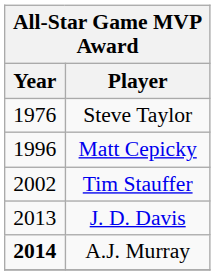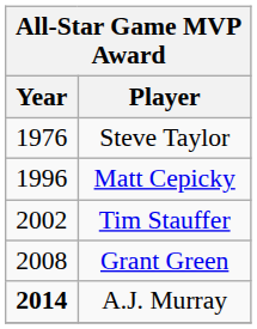 <table class="wikitable" style="display: inline-table; margin-right: 20px; text-align:center">
 <tr>
 <th scope="col" colspan="2" style="width: 145px;">All-Star Game MVP Award</th>
 </tr>
 <tr>
 <th scope="col">Year</th>
 <th scope="col">Player</th>
 </tr>
 <tr>
 <td>1976</td>
 <td>Steve Taylor</td>
 </tr>
 <tr>
 <td>1996</td>
 <td><a href='#'>Matt Cepicky</a></td>
 </tr>
 <tr>
 <td>2002</td>
 <td><a href='#'>Tim Stauffer</a></td>
 </tr>
 <tr>
-<td>2013</td>
-<td><a href='#'>J. D. Davis</a></td>
+<td>2008</td>
+<td><a href='#'>Grant Green</a></td>
 </tr>
 <tr>
 <td><strong>2014</strong></td>
 <td>A.J. Murray</td>
 </tr>
 <tr>
 </tr>
 </table>
